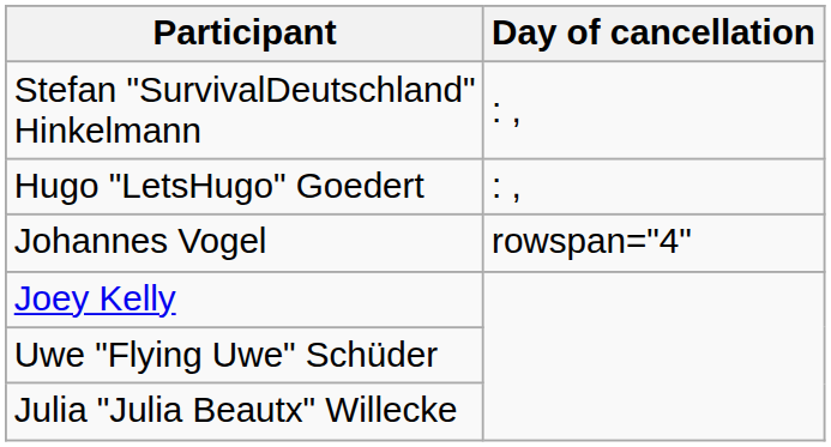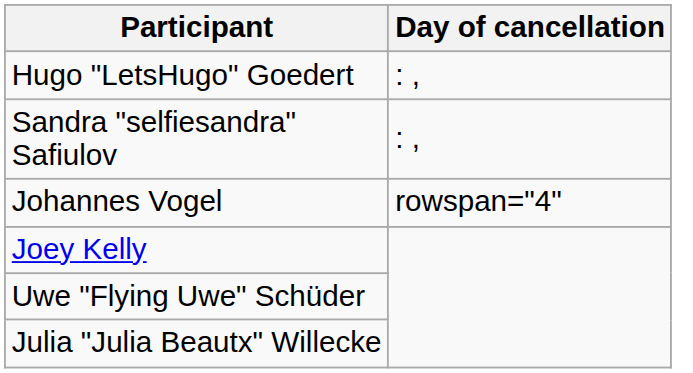 <table class="wikitable" style="text-align:left">
 <tr>
 <th>Participant</th>
 <th>Day of cancellation</th>
 </tr>
 <tr>
-<td>Stefan "SurvivalDeutschland"<br>Hinkelmann</td>
+<td>Hugo "LetsHugo" Goedert</td>
 <td>: , </td>
 </tr>
 <tr>
-<td>Hugo "LetsHugo" Goedert</td>
+<td>Sandra "selfiesandra"<br>Safiulov</td>
 <td>: , </td>
 </tr>
 <tr>
 <td>Johannes Vogel</td>
 <td>rowspan="4" </td>
 </tr>
 <tr>
 <td><a href='#'>Joey Kelly</a></td>
 </tr>
 <tr>
 <td>Uwe "Flying Uwe" Schüder</td>
 </tr>
 <tr>
 <td>Julia "Julia Beautx" Willecke</td>
 </tr>
 </table>
